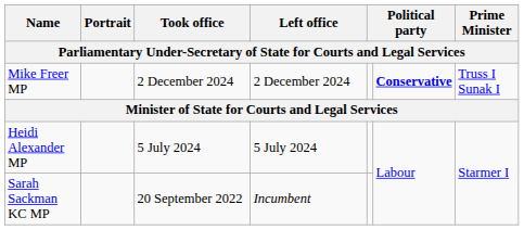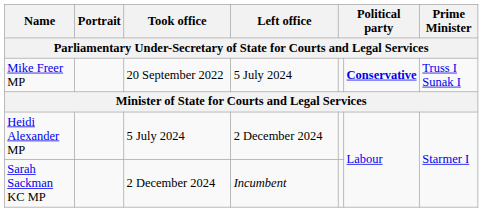 <table class="wikitable">
 <tr>
 <th>Name</th>
 <th>Portrait</th>
 <th width="130">Took office</th>
 <th width="130">Left office</th>
 <th colspan="2">Political party</th>
 <th colspan="2">Prime Minister</th>
 </tr>
 <tr>
 <th colspan="8">Parliamentary Under-Secretary of State for Courts and Legal Services</th>
 </tr>
 <tr>
 <td><a href='#'>Mike Freer</a> MP</td>
 <td></td>
-<td>2 December 2024</td>
-<td>2 December 2024</td>
+<td>20 September 2022</td>
+<td>5 July 2024</td>
 <td style="background-color: "></td>
 <td><strong><a href='#'>Conservative</a></strong></td>
 <td><a href='#'>Truss I</a><br><a href='#'>Sunak I</a></td>
 </tr>
 <tr>
 <th colspan="8">Minister of State for Courts and Legal Services</th>
 </tr>
 <tr>
 <td><a href='#'>Heidi Alexander</a> MP</td>
 <td></td>
 <td>5 July 2024</td>
-<td>5 July 2024</td>
+<td>2 December 2024</td>
 <td style="background-color:"></td>
 <td rowspan="2"><a href='#'>Labour</a></td>
 <td rowspan="2"><a href='#'>Starmer I</a></td>
 </tr>
 <tr>
 <td><a href='#'>Sarah Sackman</a> KC MP</td>
 <td></td>
-<td>20 September 2022</td>
+<td>2 December 2024</td>
 <td><em>Incumbent</em></td>
 <td style="background-color:"></td>
 </tr>
 </table>
